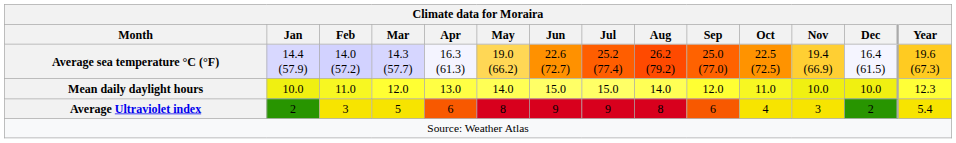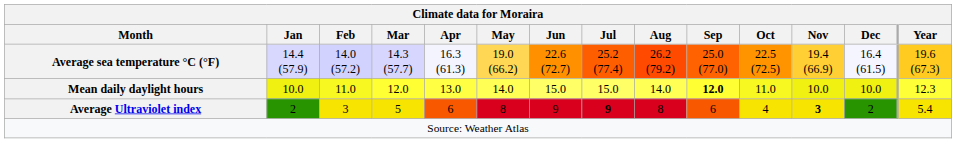 <table style="width:100%;text-align:center;line-height:1.2em;margin-left:auto;margin-right:auto" class="wikitable mw-collapsible">
 <tr>
 <th Colspan=14>Climate data for Moraira</th>
 </tr>
 <tr>
 <th>Month</th>
 <th>Jan</th>
 <th>Feb</th>
 <th>Mar</th>
 <th>Apr</th>
 <th>May</th>
 <th>Jun</th>
 <th>Jul</th>
 <th>Aug</th>
 <th>Sep</th>
 <th>Oct</th>
 <th>Nov</th>
 <th>Dec</th>
 <th style="border-left-width:medium">Year</th>
 </tr>
 <tr>
 <th>Average sea temperature °C (°F)</th>
 <td style="background:#D8D8FF;color:#000000;">14.4<br>(57.9)</td>
 <td style="background:#D2D2FF;color:#000000;">14.0<br>(57.2)</td>
 <td style="background:#D6D6FF;color:#000000;">14.3<br>(57.7)</td>
 <td style="background:#F4F4FF;color:#000000;">16.3<br>(61.3)</td>
 <td style="background:#FFD755;color:#000000;">19.0<br>(66.2)</td>
 <td style="background:#FF9100;color:#000000;">22.6<br>(72.7)</td>
 <td style="background:#FF5E00;color:#000000;">25.2<br>(77.4)</td>
 <td style="background:#FF4A00;color:#000000;">26.2<br>(79.2)</td>
 <td style="background:#FF6200;color:#000000;">25.0<br>(77.0)</td>
 <td style="background:#FF9300;color:#000000;">22.5<br>(72.5)</td>
 <td style="background:#FFCF33;color:#000000;">19.4<br>(66.9)</td>
 <td style="background:#F5F5FF;color:#000000;">16.4<br>(61.5)</td>
 <td style="background:#FFCB21;color:#000000;border-left-width:medium">19.6<br>(67.3)</td>
 </tr>
 <tr>
 <th>Mean daily daylight hours</th>
 <td style="background:#F0F011;color:#000000;">10.0</td>
 <td style="background:#F7F722;color:#000000;">11.0</td>
 <td style="background:#FFFF33;color:#000000;">12.0</td>
 <td style="background:#FFFF44;color:#000000;">13.0</td>
 <td style="background:#FFFF55;color:#000000;">14.0</td>
 <td style="background:#FFFF66;color:#000000;">15.0</td>
 <td style="background:#FFFF66;color:#000000;">15.0</td>
 <td style="background:#FFFF55;color:#000000;">14.0</td>
-<td style="background:#FFFF33;color:#000000;">12.0</td>
+<td style="background:#FFFF33;color:#000000;"><strong>12.0</strong></td>
 <td style="background:#F7F722;color:#000000;">11.0</td>
 <td style="background:#F0F011;color:#000000;">10.0</td>
 <td style="background:#F0F011;color:#000000;">10.0</td>
 <td style="background:#FFFF37;color:#000000;border-left-width:medium">12.3</td>
 </tr>
 <tr>
 <th>Average <a href='#'>Ultraviolet index</a></th>
 <td style="background:#289500;color:#000000;">2</td>
 <td style="background:#f7e400;color:#000000;">3</td>
 <td style="background:#f7e400;color:#000000;">5</td>
 <td style="background:#f85900;color:#000000;">6</td>
 <td style="background:#d8001d;color:#000000;">8</td>
 <td style="background:#d8001d;color:#000000;">9</td>
-<td style="background:#d8001d;color:#000000;">9</td>
+<td style="background:#d8001d;color:#000000;"><strong>9</strong></td>
 <td style="background:#d8001d;color:#000000;">8</td>
 <td style="background:#f85900;color:#000000;">6</td>
 <td style="background:#f7e400;color:#000000;">4</td>
-<td style="background:#f7e400;color:#000000;">3</td>
+<td style="background:#f7e400;color:#000000;"><strong>3</strong></td>
 <td style="background:#289500;color:#000000;">2</td>
 <td style="background:#f7e400;color:#000000;border-left-width:medium">5.4</td>
 </tr>
 <tr>
 <th Colspan=14 style="background:#f8f9fa;font-weight:normal;font-size:95%;">Source: Weather Atlas </th>
 </tr>
 </table>
